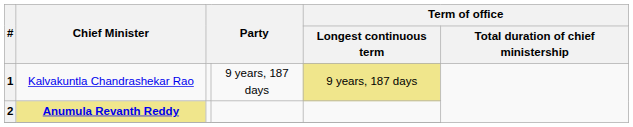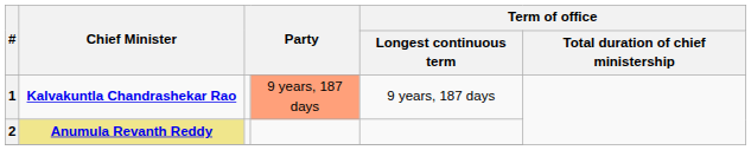 <table class="wikitable sortable" style="line-height:1.4em; text-align:center">
 <tr>
 <th data-sort-type=number rowspan = "2">#</th>
 <th rowspan="2" style="width:16em">Chief Minister</th>
 <th rowspan="2" colspan=2 style="width:8em">Party</th>
 <th colspan="2">Term of office</th>
 </tr>
 <tr>
 <th>Longest continuous term</th>
 <th>Total duration of chief ministership</th>
 </tr>
 <tr>
 <th data-sort-value="1">1</th>
-<td><a href='#'>Kalvakuntla Chandrashekar Rao</a></td>
+<td><strong><a href='#'>Kalvakuntla Chandrashekar Rao</a></strong></td>
 <td></td>
+<td style="background: lightsalmon;">9 years, 187 days</td>
 <td>9 years, 187 days</td>
-<td style="background: khaki;">9 years, 187 days</td>
 </tr>
 <tr>
 <th data-sort-value="2">2</th>
 <td style="background: khaki;"><strong><a href='#'>Anumula Revanth Reddy</a></strong></td>
 <td></td>
 <td><strong></strong></td>
 <td><strong></strong></td>
 </tr>
 <tr>
 </tr>
 </table>
